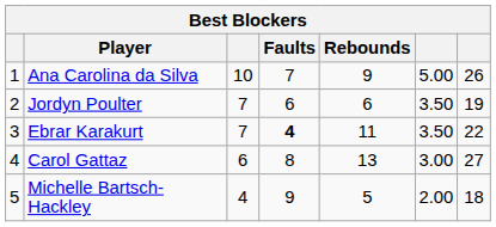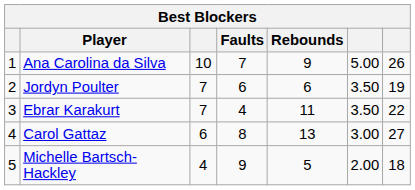 <table class="wikitable sortable" style=font-size:90%>
 <tr>
 <th colspan=7>Best Blockers</th>
 </tr>
 <tr>
 <th></th>
 <th width=158>Player</th>
 <th width=20></th>
 <th width=20>Faults</th>
 <th width=20>Rebounds</th>
 <th width=20></th>
 <th width=20></th>
 </tr>
 <tr>
 <td>1</td>
 <td> <a href='#'>Ana Carolina da Silva</a></td>
 <td align=center>10</td>
 <td align=center>7</td>
 <td align=center>9</td>
 <td align=center>5.00</td>
 <td align=center>26</td>
 </tr>
 <tr>
 <td>2</td>
 <td> <a href='#'>Jordyn Poulter</a></td>
 <td align=center>7</td>
 <td align=center>6</td>
 <td align=center>6</td>
 <td align=center>3.50</td>
 <td align=center>19</td>
 </tr>
 <tr>
 <td>3</td>
 <td> <a href='#'>Ebrar Karakurt</a></td>
 <td align=center>7</td>
-<td align=center><strong>4</strong></td>
+<td align=center>4</td>
 <td align=center>11</td>
 <td align=center>3.50</td>
 <td align=center>22</td>
 </tr>
 <tr>
 <td>4</td>
 <td> <a href='#'>Carol Gattaz</a></td>
 <td align=center>6</td>
 <td align=center>8</td>
 <td align=center>13</td>
 <td align=center>3.00</td>
 <td align=center>27</td>
 </tr>
 <tr>
 <td>5</td>
 <td> <a href='#'>Michelle Bartsch-Hackley</a></td>
 <td align=center>4</td>
 <td align=center>9</td>
 <td align=center>5</td>
 <td align=center>2.00</td>
 <td align=center>18</td>
 </tr>
 </table>
